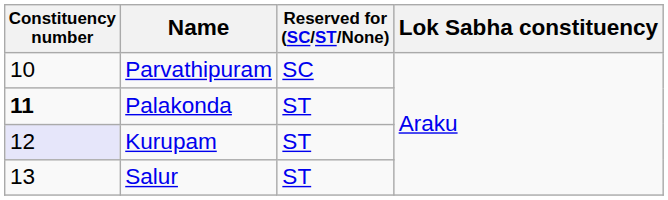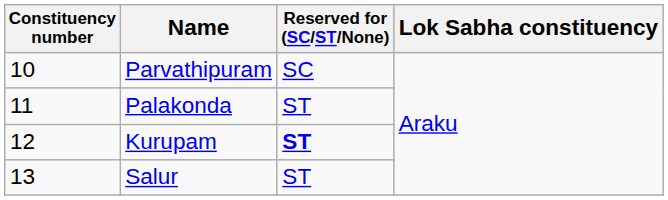 <table class="wikitable sortable">
 <tr>
 <th width="50px" style="font-size:75%">Constituency number</th>
 <th>Name</th>
 <th style="font-size:75%">Reserved for<br>(<a href='#'>SC</a>/<a href='#'>ST</a>/None)</th>
 <th>Lok Sabha constituency</th>
 </tr>
 <tr>
 <td>10</td>
 <td><a href='#'>Parvathipuram</a></td>
 <td><a href='#'>SC</a></td>
 <td rowspan="4"><a href='#'>Araku</a></td>
 </tr>
 <tr>
-<td><strong>11</strong></td>
+<td>11</td>
 <td><a href='#'>Palakonda</a></td>
 <td><a href='#'>ST</a></td>
 </tr>
 <tr>
-<td style="background: lavender;">12</td>
+<td>12</td>
 <td><a href='#'>Kurupam</a></td>
-<td><a href='#'>ST</a></td>
+<td><strong><a href='#'>ST</a></strong></td>
 </tr>
 <tr>
 <td>13</td>
 <td><a href='#'>Salur</a></td>
 <td><a href='#'>ST</a></td>
 </tr>
 </table>
